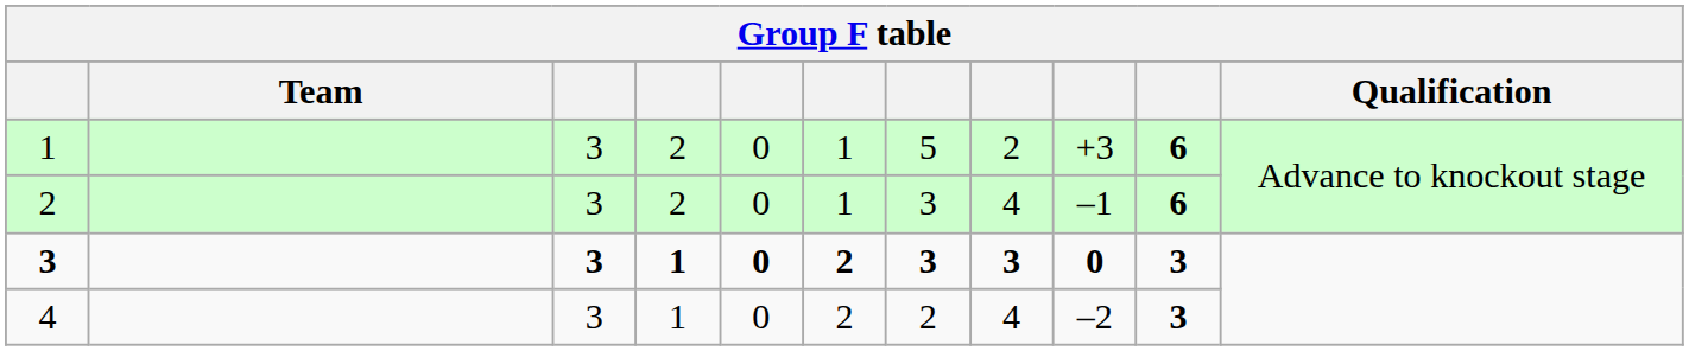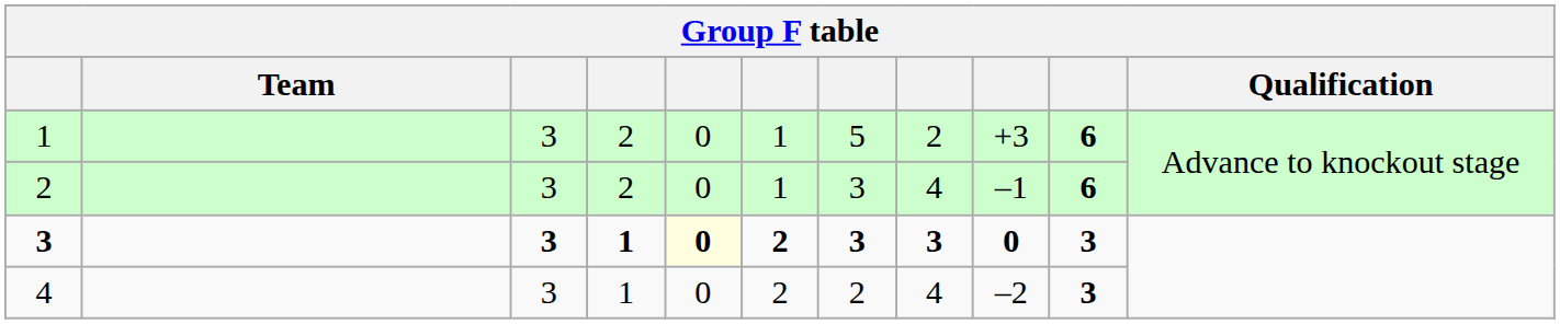 <table class="wikitable" style="text-align:center">
 <tr>
 <th colspan="11"><a href='#'>Group F</a> table</th>
 </tr>
 <tr>
 <th width=30></th>
 <th width=200>Team</th>
 <th width=30></th>
 <th width=30></th>
 <th width=30></th>
 <th width=30></th>
 <th width=30></th>
 <th width=30></th>
 <th width=30></th>
 <th width=30></th>
 <th width=200>Qualification</th>
 </tr>
 <tr bgcolor="#ccffcc">
 <td>1</td>
 <td align="left"></td>
 <td>3</td>
 <td>2</td>
 <td>0</td>
 <td>1</td>
 <td>5</td>
 <td>2</td>
 <td>+3</td>
 <td><strong>6</strong></td>
 <td rowspan="2">Advance to knockout stage</td>
 </tr>
 <tr bgcolor="#ccffcc">
 <td>2</td>
 <td align="left"></td>
 <td>3</td>
 <td>2</td>
 <td>0</td>
 <td>1</td>
 <td>3</td>
 <td>4</td>
 <td>–1</td>
 <td><strong>6</strong></td>
 </tr>
 <tr>
 <td><strong>3</strong></td>
 <td align="left"><strong></strong></td>
 <td><strong>3</strong></td>
 <td><strong>1</strong></td>
-<td><strong>0</strong></td>
+<td style="background: lightyellow;"><strong>0</strong></td>
 <td><strong>2</strong></td>
 <td><strong>3</strong></td>
 <td><strong>3</strong></td>
 <td><strong>0</strong></td>
 <td><strong>3</strong></td>
 <td rowspan="2"></td>
 </tr>
 <tr>
 <td>4</td>
 <td align="left"></td>
 <td>3</td>
 <td>1</td>
 <td>0</td>
 <td>2</td>
 <td>2</td>
 <td>4</td>
 <td>–2</td>
 <td><strong>3</strong></td>
 </tr>
 </table>
